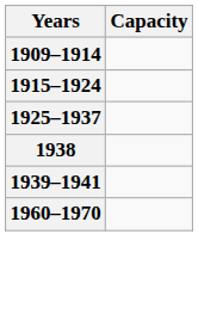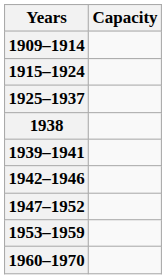 <table class="wikitable floatright">
 <tr>
 <th scope="row">Years</th>
 <th scope="row">Capacity</th>
 </tr>
 <tr>
 <th scope="row">1909–1914</th>
 <td></td>
 </tr>
 <tr>
 <th scope="row">1915–1924</th>
 <td></td>
 </tr>
 <tr>
 <th scope="row">1925–1937</th>
 <td></td>
 </tr>
 <tr>
 <th scope="row">1938</th>
 <td></td>
 </tr>
 <tr>
 <th scope="row">1939–1941</th>
 <td></td>
 </tr>
 <tr>
+<th scope="row">1942–1946</th>
+<td></td>
+</tr>
+<tr>
+<th scope="row">1947–1952</th>
+<td></td>
+</tr>
+<tr>
+<th scope="row">1953–1959</th>
+<td></td>
+</tr>
+<tr>
 <th scope="row">1960–1970</th>
 <td></td>
 </tr>
 </table>
